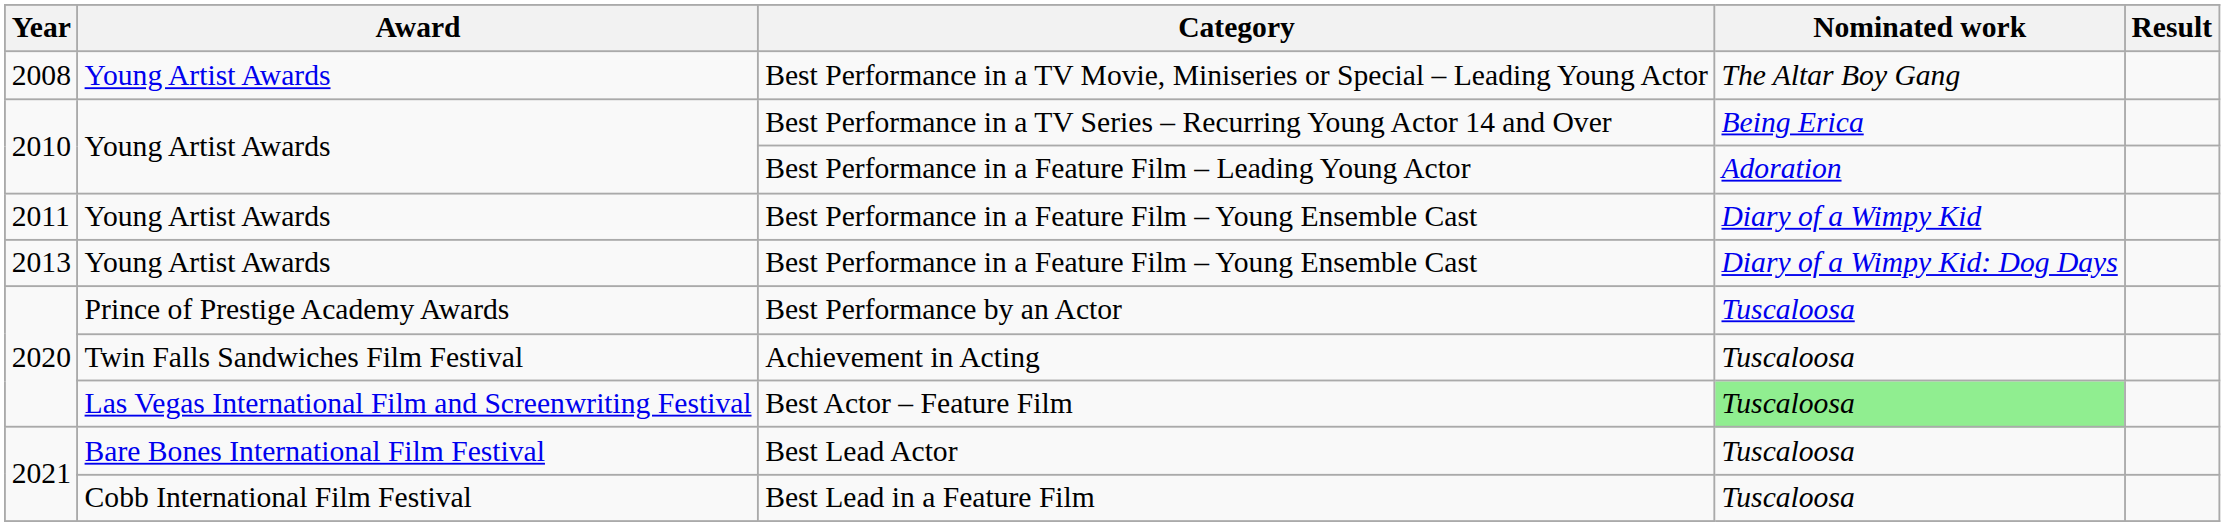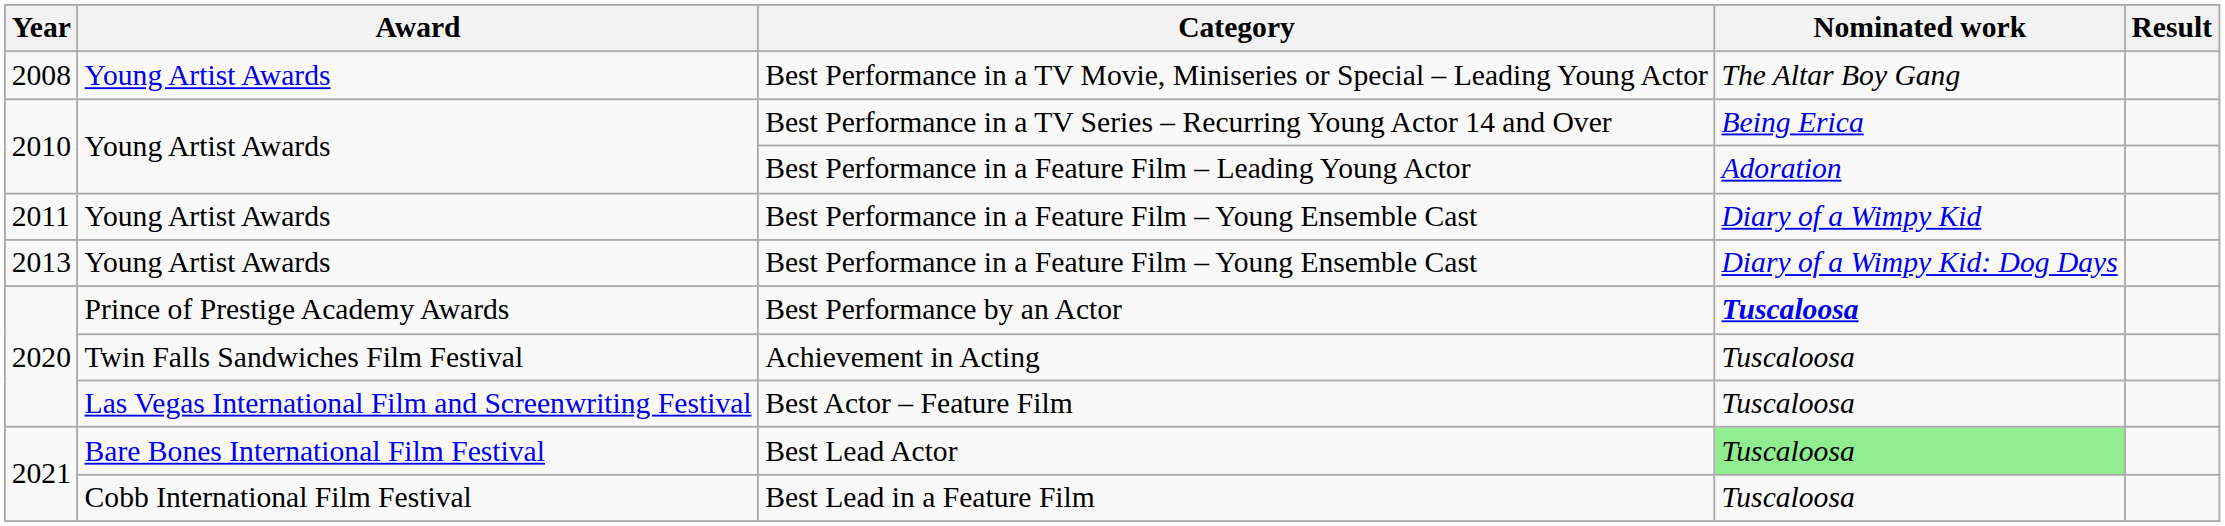 <table class="wikitable sortable">
 <tr>
 <th>Year</th>
 <th>Award</th>
 <th>Category</th>
 <th>Nominated work</th>
 <th>Result</th>
 </tr>
 <tr>
 <td>2008</td>
 <td><a href='#'>Young Artist Awards</a></td>
 <td>Best Performance in a TV Movie, Miniseries or Special – Leading Young Actor</td>
 <td data-sort-value="Altar Boy Gang, The"><em>The Altar Boy Gang</em></td>
 <td></td>
 </tr>
 <tr>
 <td rowspan="2">2010</td>
 <td rowspan="2">Young Artist Awards</td>
 <td>Best Performance in a TV Series – Recurring Young Actor 14 and Over</td>
 <td><em><a href='#'>Being Erica</a></em></td>
 <td></td>
 </tr>
 <tr>
 <td>Best Performance in a Feature Film – Leading Young Actor</td>
 <td><em><a href='#'>Adoration</a></em></td>
 <td></td>
 </tr>
 <tr>
 <td>2011</td>
 <td>Young Artist Awards</td>
 <td>Best Performance in a Feature Film – Young Ensemble Cast</td>
 <td><em><a href='#'>Diary of a Wimpy Kid</a></em></td>
 <td></td>
 </tr>
 <tr>
 <td>2013</td>
 <td>Young Artist Awards</td>
 <td>Best Performance in a Feature Film – Young Ensemble Cast</td>
 <td><em><a href='#'>Diary of a Wimpy Kid: Dog Days</a></em></td>
 <td></td>
 </tr>
 <tr>
 <td rowspan="3">2020</td>
 <td>Prince of Prestige Academy Awards</td>
 <td>Best Performance by an Actor</td>
-<td><em><a href='#'>Tuscaloosa</a></em></td>
+<td><strong><em><a href='#'>Tuscaloosa</a></em></strong></td>
 <td></td>
 </tr>
 <tr>
 <td>Twin Falls Sandwiches Film Festival</td>
 <td>Achievement in Acting</td>
 <td><em>Tuscaloosa</em></td>
 <td></td>
 </tr>
 <tr>
 <td><a href='#'>Las Vegas International Film and Screenwriting Festival</a></td>
 <td>Best Actor – Feature Film</td>
-<td style="background: lightgreen;"><em>Tuscaloosa</em></td>
+<td><em>Tuscaloosa</em></td>
 <td></td>
 </tr>
 <tr>
 <td rowspan="2">2021</td>
 <td><a href='#'>Bare Bones International Film Festival</a></td>
 <td>Best Lead Actor</td>
-<td><em>Tuscaloosa</em></td>
+<td style="background: lightgreen;"><em>Tuscaloosa</em></td>
 <td></td>
 </tr>
 <tr>
 <td>Cobb International Film Festival</td>
 <td>Best Lead in a Feature Film</td>
 <td><em>Tuscaloosa</em></td>
 <td></td>
 </tr>
 </table>
